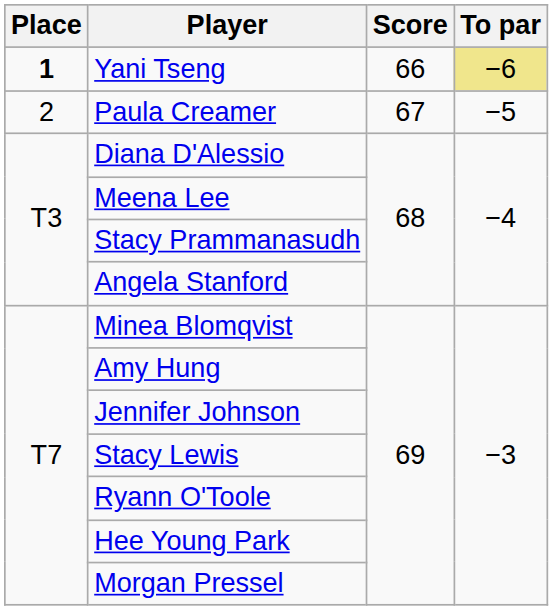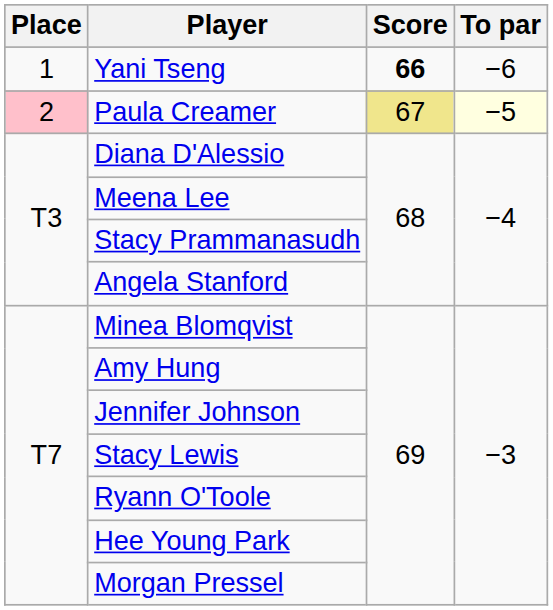 <table class="wikitable">
 <tr>
 <th>Place</th>
 <th>Player</th>
 <th>Score</th>
 <th>To par</th>
 </tr>
 <tr>
-<td align=center><strong>1</strong></td>
+<td align=center>1</td>
 <td> <a href='#'>Yani Tseng</a></td>
-<td align=center>66</td>
-<td align=center style="background: khaki;">−6</td>
+<td align=center><strong>66</strong></td>
+<td align=center>−6</td>
 </tr>
 <tr>
-<td align=center>2</td>
+<td align=center style="background: pink;">2</td>
 <td> <a href='#'>Paula Creamer</a></td>
-<td align=center>67</td>
-<td align=center>−5</td>
+<td align=center style="background: khaki;">67</td>
+<td align=center style="background: lightyellow;">−5</td>
 </tr>
 <tr>
 <td align=center rowspan=4>T3</td>
 <td> <a href='#'>Diana D'Alessio</a></td>
 <td align=center rowspan=4>68</td>
 <td align=center rowspan=4>−4</td>
 </tr>
 <tr>
 <td> <a href='#'>Meena Lee</a></td>
 </tr>
 <tr>
 <td> <a href='#'>Stacy Prammanasudh</a></td>
 </tr>
 <tr>
 <td> <a href='#'>Angela Stanford</a></td>
 </tr>
 <tr>
 <td align=center rowspan=7>T7</td>
 <td> <a href='#'>Minea Blomqvist</a></td>
 <td align=center rowspan=7>69</td>
 <td align=center rowspan=7>−3</td>
 </tr>
 <tr>
 <td> <a href='#'>Amy Hung</a></td>
 </tr>
 <tr>
 <td> <a href='#'>Jennifer Johnson</a></td>
 </tr>
 <tr>
 <td> <a href='#'>Stacy Lewis</a></td>
 </tr>
 <tr>
 <td> <a href='#'>Ryann O'Toole</a></td>
 </tr>
 <tr>
 <td> <a href='#'>Hee Young Park</a></td>
 </tr>
 <tr>
 <td> <a href='#'>Morgan Pressel</a></td>
 </tr>
 </table>
